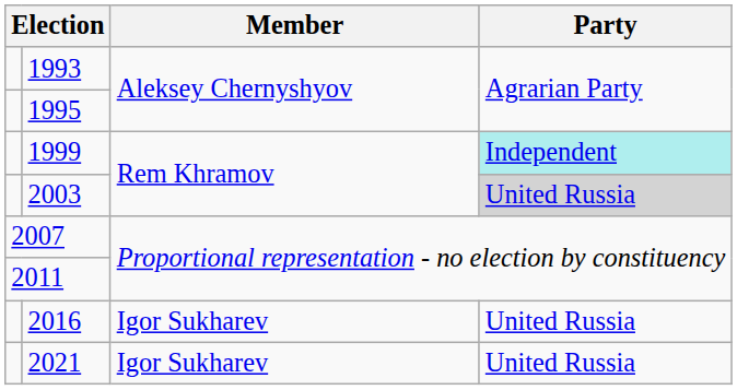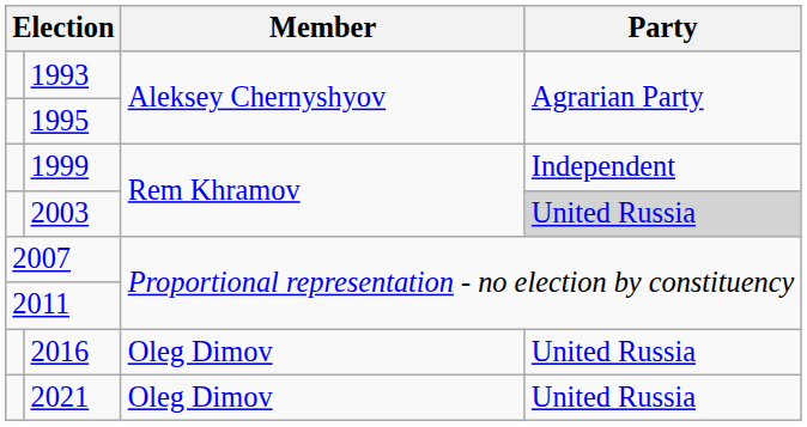 <table class="wikitable">
 <tr>
 <th colspan="2">Election</th>
 <th>Member</th>
 <th>Party</th>
 </tr>
 <tr>
 <td style="background-color:"></td>
 <td><a href='#'>1993</a></td>
 <td rowspan=2><a href='#'>Aleksey Chernyshyov</a></td>
 <td rowspan=2><a href='#'>Agrarian Party</a></td>
 </tr>
 <tr>
 <td style="background-color:"></td>
 <td><a href='#'>1995</a></td>
 </tr>
 <tr>
 <td style="background-color:"></td>
 <td><a href='#'>1999</a></td>
 <td rowspan=2><a href='#'>Rem Khramov</a></td>
-<td style="background: paleturquoise;"><a href='#'>Independent</a></td>
+<td><a href='#'>Independent</a></td>
 </tr>
 <tr>
 <td style="background-color:"></td>
 <td><a href='#'>2003</a></td>
 <td style="background: lightgrey;"><a href='#'>United Russia</a></td>
 </tr>
 <tr>
 <td colspan=2><a href='#'>2007</a></td>
 <td colspan=2 rowspan=2><em><a href='#'>Proportional representation</a> - no election by constituency</em></td>
 </tr>
 <tr>
 <td colspan=2><a href='#'>2011</a></td>
 </tr>
 <tr>
 <td style="background-color: "></td>
 <td><a href='#'>2016</a></td>
-<td><a href='#'>Igor Sukharev</a></td>
+<td><a href='#'>Oleg Dimov</a></td>
 <td><a href='#'>United Russia</a></td>
 </tr>
 <tr>
 <td style="background-color: "></td>
 <td><a href='#'>2021</a></td>
-<td><a href='#'>Igor Sukharev</a></td>
+<td><a href='#'>Oleg Dimov</a></td>
 <td><a href='#'>United Russia</a></td>
 </tr>
 </table>
